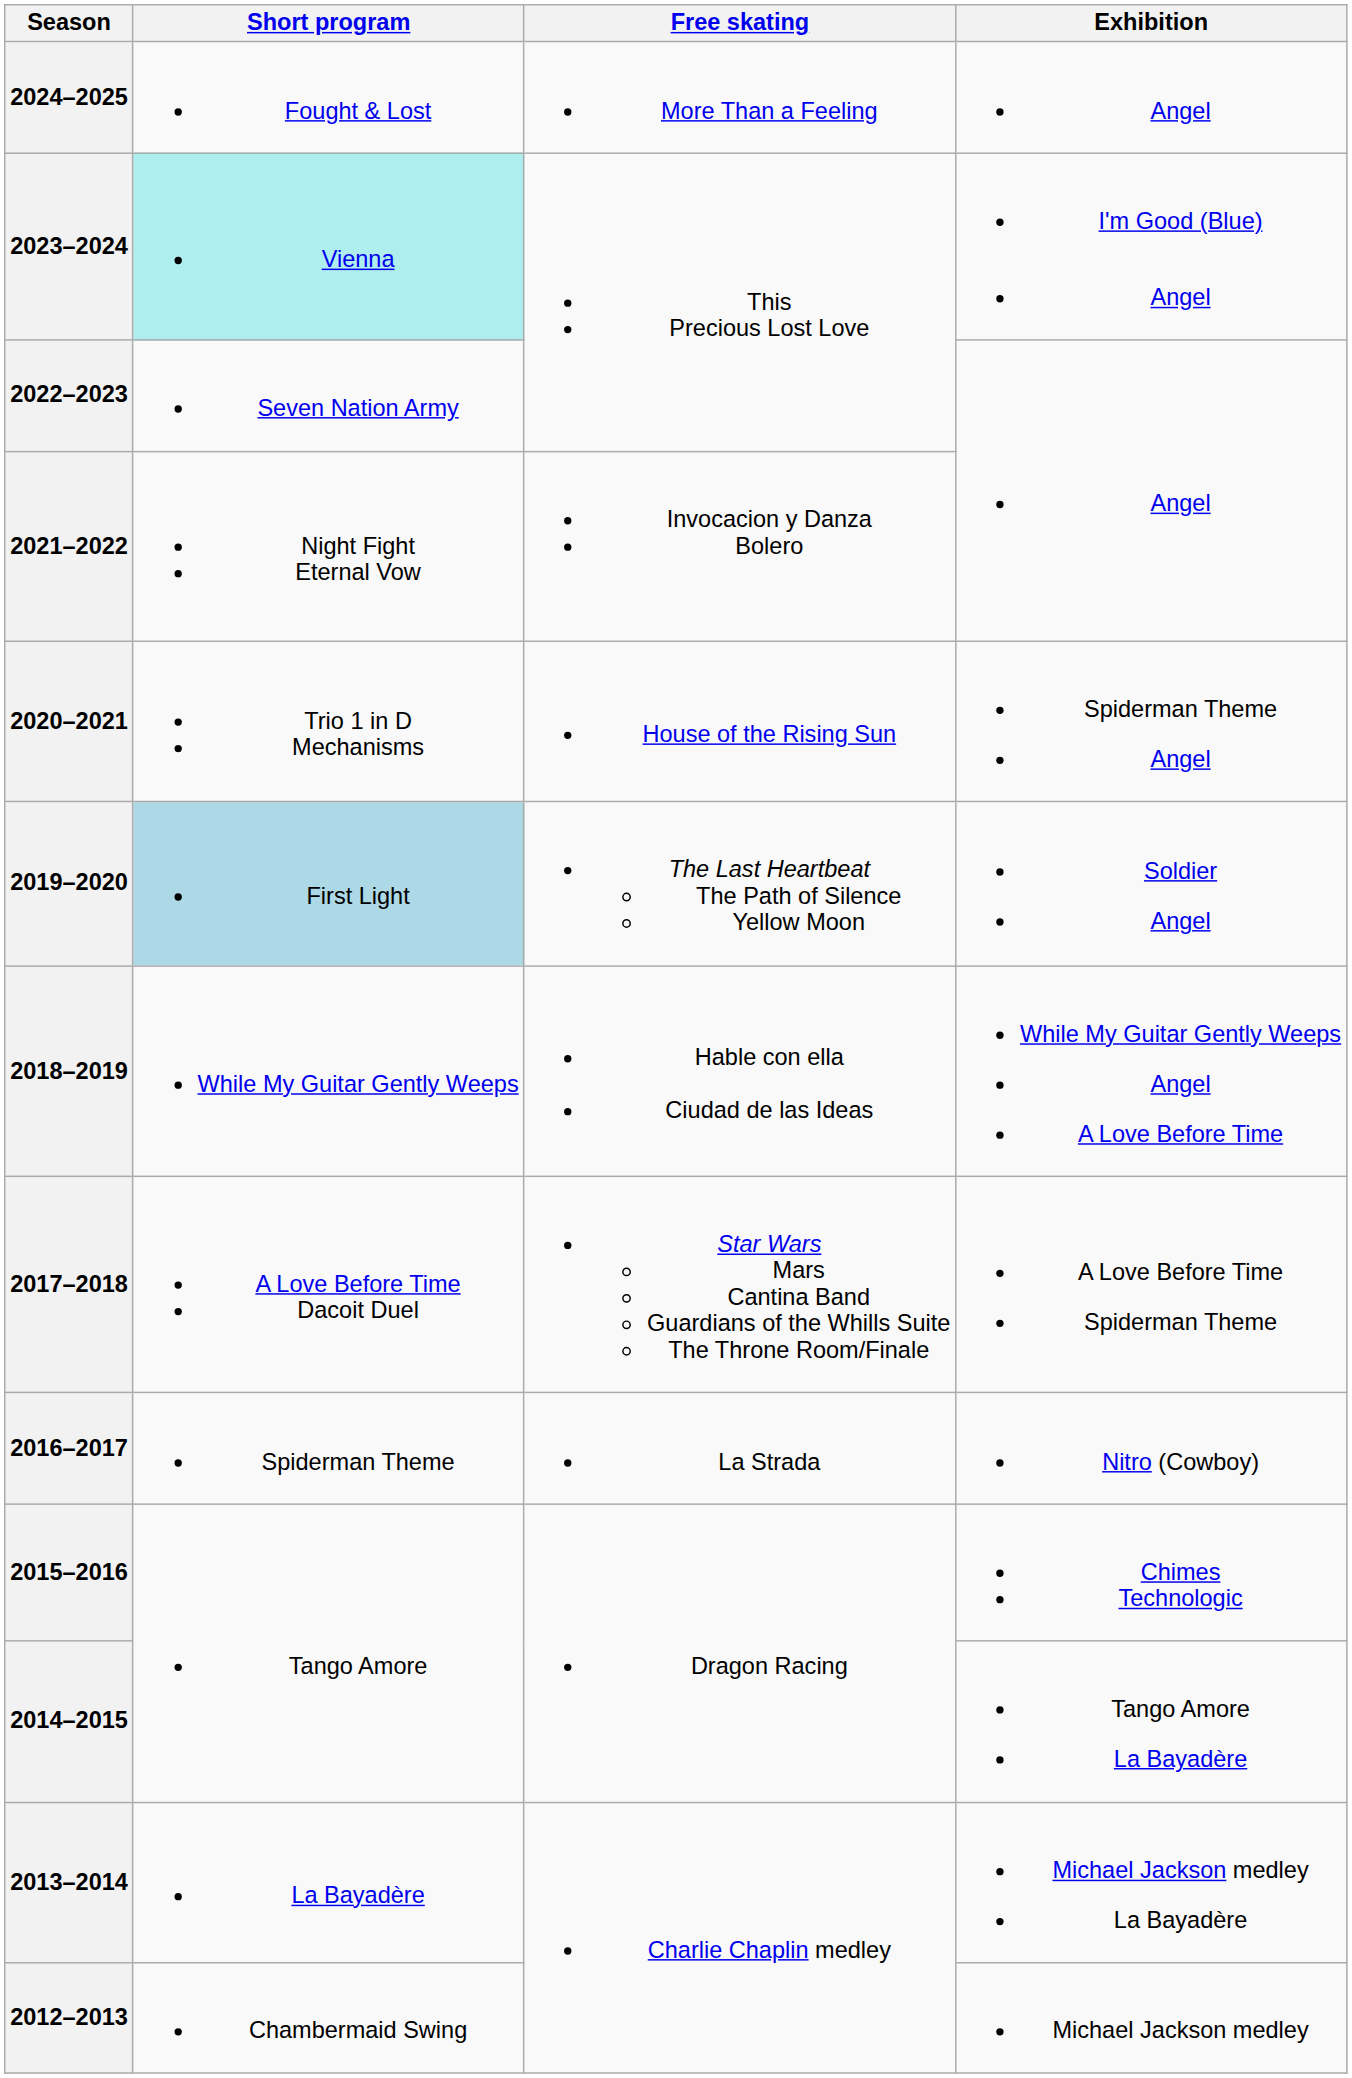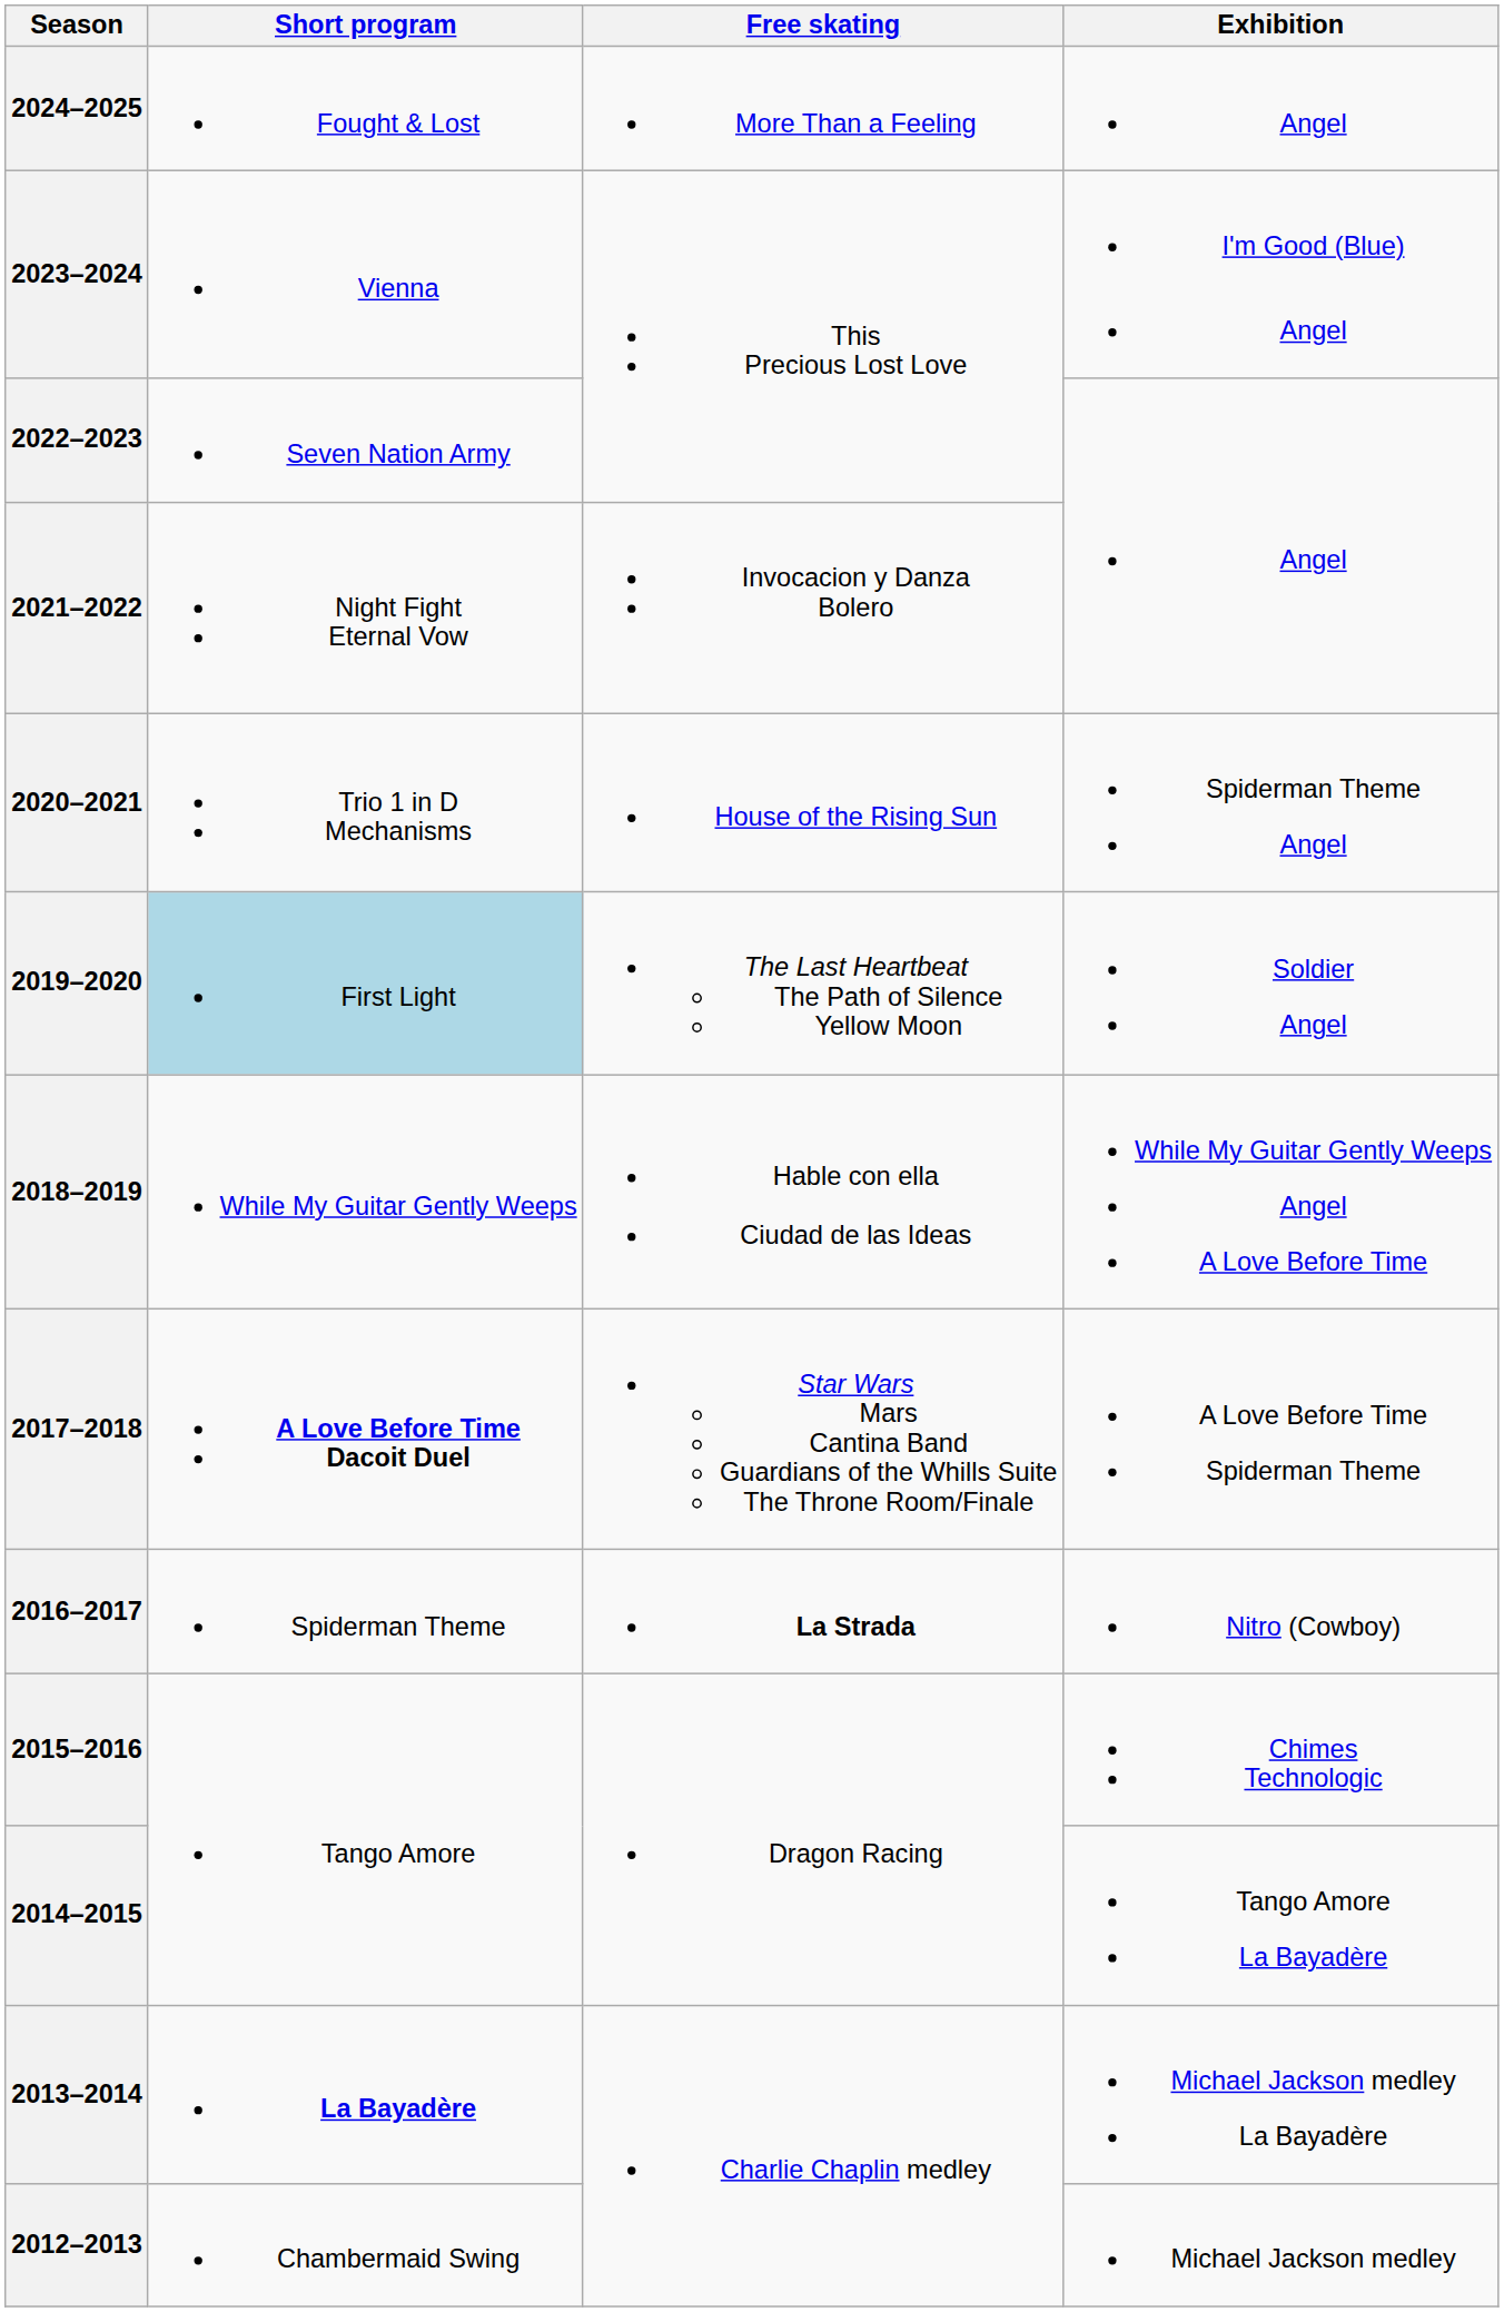 <table class="wikitable" style="text-align: center">
 <tr>
 <th>Season</th>
 <th><a href='#'>Short program</a></th>
 <th><a href='#'>Free skating</a></th>
 <th>Exhibition</th>
 </tr>
 <tr>
 <th>2024–2025 <br> </th>
 <td><br><ul><li><a href='#'>Fought & Lost</a> <br> </li></ul></td>
 <td><br><ul><li><a href='#'>More Than a Feeling</a> <br> </li></ul></td>
 <td><br><ul><li><a href='#'>Angel</a> <br> </li></ul></td>
 </tr>
 <tr>
 <th>2023–2024 <br> </th>
-<td style="background: paleturquoise;"><br><ul><li><a href='#'>Vienna</a> <br> </li></ul></td>
+<td><br><ul><li><a href='#'>Vienna</a> <br> </li></ul></td>
 <td rowspan=2><br><ul><li>This <br> </li><li>Precious Lost Love <br> </li></ul></td>
 <td><br><ul><li><a href='#'>I'm Good (Blue)</a> <br> <br> </li></ul><ul><li><a href='#'>Angel</a> <br> </li></ul></td>
 </tr>
 <tr>
 <th>2022–2023 <br> </th>
 <td><br><ul><li><a href='#'>Seven Nation Army</a> <br> </li></ul></td>
 <td rowspan=2><br><ul><li><a href='#'>Angel</a> <br> </li></ul></td>
 </tr>
 <tr>
 <th>2021–2022 <br> </th>
 <td><br><ul><li>Night Fight</li><li>Eternal Vow <br> </li></ul></td>
 <td><br><ul><li>Invocacion y Danza <br> </li><li>Bolero <br>  <br>  <br> </li></ul></td>
 </tr>
 <tr>
 <th>2020–2021 <br> </th>
 <td><br><ul><li>Trio 1 in D</li><li>Mechanisms  <br> </li></ul></td>
 <td><br><ul><li><a href='#'>House of the Rising Sun</a> <br> </li></ul></td>
 <td><br><ul><li>Spiderman Theme <br></li></ul><ul><li><a href='#'>Angel</a> <br> </li></ul></td>
 </tr>
 <tr>
 <th>2019–2020 <br> </th>
 <td style="background: lightblue;"><br><ul><li>First Light <br> </li></ul></td>
 <td><br><ul><li><em>The Last Heartbeat</em><ul><li>The Path of Silence <br> </li><li>Yellow Moon <br> </li></ul></li></ul></td>
 <td><br><ul><li><a href='#'>Soldier</a></li></ul><ul><li><a href='#'>Angel</a> <br> </li></ul></td>
 </tr>
 <tr>
 <th>2018–2019 <br> </th>
 <td><br><ul><li><a href='#'>While My Guitar Gently Weeps</a> <br>  </li></ul></td>
 <td><br><ul><li>Hable con ella <br>  <br> </li><li>Ciudad de las Ideas <br>  </li></ul></td>
 <td><br><ul><li><a href='#'>While My Guitar Gently Weeps</a> </li></ul><ul><li><a href='#'>Angel</a> <br> </li></ul><ul><li><a href='#'>A Love Before Time</a> <br> </li></ul></td>
 </tr>
 <tr>
 <th>2017–2018 <br></th>
-<td><br><ul><li><a href='#'>A Love Before Time</a> <br> </li><li>Dacoit Duel <br> </li></ul></td>
+<td><strong><br><ul><li><a href='#'>A Love Before Time</a> <br> </li><li>Dacoit Duel <br> </li></ul></strong></td>
 <td><br><ul><li><em><a href='#'>Star Wars</a></em><ul><li>Mars <br> </li><li>Cantina Band <br> </li><li>Guardians of the Whills Suite <br> </li><li>The Throne Room/Finale <br> </li></ul></li></ul></td>
 <td><br><ul><li>A Love Before Time <br> </li></ul><ul><li>Spiderman Theme <br></li></ul></td>
 </tr>
 <tr>
 <th>2016–2017 <br></th>
 <td><br><ul><li>Spiderman Theme <br></li></ul></td>
-<td><br><ul><li>La Strada  <br> </li></ul></td>
+<td><strong><br><ul><li>La Strada  <br> </li></ul></strong></td>
 <td><br><ul><li><a href='#'>Nitro</a> (Cowboy) <br></li></ul></td>
 </tr>
 <tr>
 <th>2015–2016 <br> </th>
 <td rowspan=2><br><ul><li>Tango Amore <br></li></ul></td>
 <td rowspan=2><br><ul><li>Dragon Racing <br></li></ul></td>
 <td><br><ul><li><a href='#'>Chimes</a> <br></li><li><a href='#'>Technologic</a> <br></li></ul></td>
 </tr>
 <tr>
 <th>2014–2015 <br> </th>
 <td><br><ul><li>Tango Amore <br></li></ul><ul><li><a href='#'>La Bayadère</a> <br></li></ul></td>
 </tr>
 <tr>
 <th>2013–2014 <br> </th>
-<td><br><ul><li><a href='#'>La Bayadère</a> <br></li></ul></td>
+<td><strong><br><ul><li><a href='#'>La Bayadère</a> <br></li></ul></strong></td>
 <td rowspan=2><br><ul><li><a href='#'>Charlie Chaplin</a> medley <br> </li></ul></td>
 <td><br><ul><li><a href='#'>Michael Jackson</a> medley</li></ul><ul><li>La Bayadère <br></li></ul></td>
 </tr>
 <tr>
 <th>2012–2013 <br> </th>
 <td><br><ul><li>Chambermaid Swing <br></li></ul></td>
 <td><br><ul><li>Michael Jackson medley</li></ul></td>
 </tr>
 </table>
